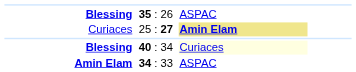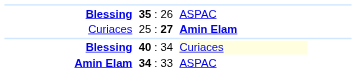 <table style="text-align:center" width=500>
 <tr>
 <th width=30%></th>
 <th width=10%></th>
 <th width=30%></th>
 <th width=10%></th>
 </tr>
 <tr align="left" bgcolor=#D0E7FF>
 <td colspan=4></td>
 </tr>
 <tr>
 <td align="right"><strong><a href='#'>Blessing</a></strong> </td>
 <td><strong>35</strong> : 26</td>
 <td align=left> <a href='#'>ASPAC</a></td>
 </tr>
 <tr>
 <td align="right"><a href='#'>Curiaces</a> </td>
 <td>25 : <strong>27</strong></td>
-<td align=left style="background: khaki;"> <strong><a href='#'>Amin Elam</a></strong></td>
+<td align=left> <strong><a href='#'>Amin Elam</a></strong></td>
 </tr>
 <tr align="left" bgcolor=#D0E7FF>
 <td colspan=4></td>
 </tr>
 <tr>
 <td align="right"><strong><a href='#'>Blessing</a></strong> </td>
 <td><strong>40</strong> : 34</td>
 <td align=left style="background: lightyellow;"> <a href='#'>Curiaces</a></td>
 </tr>
 <tr>
 <td align="right"><strong><a href='#'>Amin Elam</a></strong> </td>
 <td><strong>34</strong> : 33</td>
 <td align=left> <a href='#'>ASPAC</a></td>
 </tr>
 </table>
